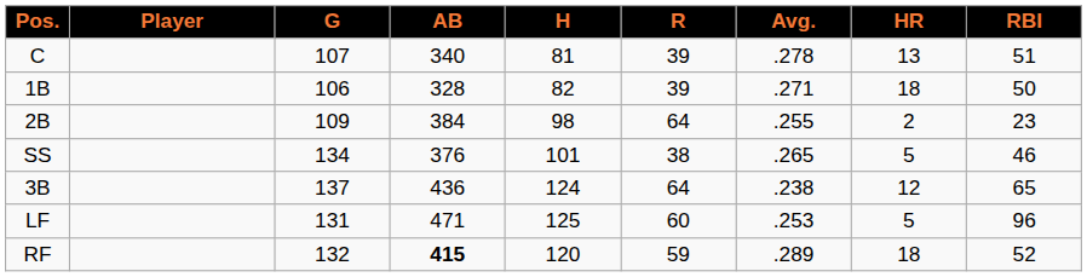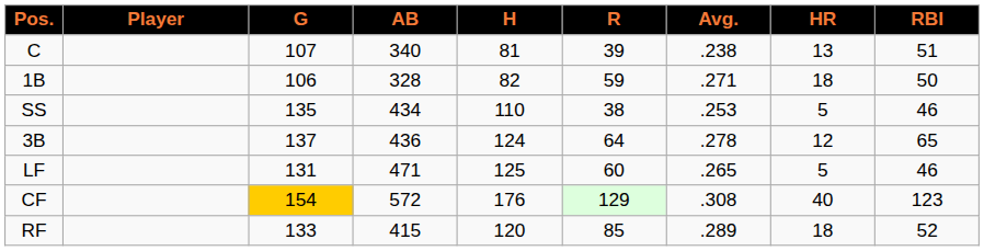 <table class="wikitable sortable">
 <tr>
 <th style="background:black;color:#f47937;" width="5%">Pos.</th>
 <th style="background:black;color:#f47937;" width="16%">Player</th>
 <th style="background:black;color:#f47937;" width="9%">G</th>
 <th style="background:black;color:#f47937;" width="9%">AB</th>
 <th style="background:black;color:#f47937;" width="9%">H</th>
 <th style="background:black;color:#f47937;" width="9%">R</th>
 <th style="background:black;color:#f47937;" width="9%">Avg.</th>
 <th style="background:black;color:#f47937;" width="9%">HR</th>
 <th style="background:black;color:#f47937;" width="9%">RBI</th>
 </tr>
 <tr align="center">
 <td>C</td>
 <td></td>
 <td>107</td>
 <td>340</td>
 <td>81</td>
 <td>39</td>
-<td>.278</td>
+<td>.238</td>
 <td>13</td>
 <td>51</td>
 </tr>
 <tr align="center">
 <td>1B</td>
 <td></td>
 <td>106</td>
 <td>328</td>
 <td>82</td>
-<td>39</td>
+<td>59</td>
 <td>.271</td>
 <td>18</td>
 <td>50</td>
 </tr>
 <tr align="center">
-<td>2B</td>
-<td></td>
-<td>109</td>
-<td>384</td>
-<td>98</td>
-<td>64</td>
-<td>.255</td>
-<td>2</td>
-<td>23</td>
-</tr>
-<tr align="center">
 <td>SS</td>
 <td></td>
-<td>134</td>
-<td>376</td>
-<td>101</td>
+<td>135</td>
+<td>434</td>
+<td>110</td>
 <td>38</td>
-<td>.265</td>
+<td>.253</td>
 <td>5</td>
 <td>46</td>
 </tr>
 <tr align="center">
 <td>3B</td>
 <td></td>
 <td>137</td>
 <td>436</td>
 <td>124</td>
 <td>64</td>
-<td>.238</td>
+<td>.278</td>
 <td>12</td>
 <td>65</td>
 </tr>
 <tr align="center">
 <td>LF</td>
 <td></td>
 <td>131</td>
 <td>471</td>
 <td>125</td>
 <td>60</td>
-<td>.253</td>
+<td>.265</td>
 <td>5</td>
-<td>96</td>
+<td>46</td>
+</tr>
+<tr align="center">
+<td>CF</td>
+<td></td>
+<td style="background:#fc0;">154</td>
+<td>572</td>
+<td>176</td>
+<td style="background:#DDFFDD;">129</td>
+<td>.308</td>
+<td>40</td>
+<td>123</td>
 </tr>
 <tr align="center">
 <td>RF</td>
 <td></td>
-<td>132</td>
-<td><strong>415</strong></td>
+<td>133</td>
+<td>415</td>
 <td>120</td>
-<td>59</td>
+<td>85</td>
 <td>.289</td>
 <td>18</td>
 <td>52</td>
 </tr>
 </table>
